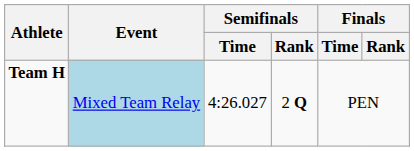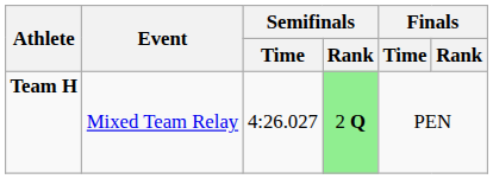 <table class="wikitable" style="font-size:90%;">
 <tr>
 <th rowspan=2>Athlete</th>
 <th rowspan=2>Event</th>
 <th colspan=2>Semifinals</th>
 <th colspan=2>Finals</th>
 </tr>
 <tr>
 <th>Time</th>
 <th>Rank</th>
 <th>Time</th>
 <th>Rank</th>
 </tr>
 <tr>
 <td><strong>Team H</strong><br><br><br><br></td>
-<td style="background: lightblue;"><a href='#'>Mixed Team Relay</a></td>
+<td><a href='#'>Mixed Team Relay</a></td>
 <td align=center>4:26.027</td>
-<td align=center>2 <strong>Q</strong></td>
+<td align=center style="background: lightgreen;">2 <strong>Q</strong></td>
 <td align=center colspan=2>PEN</td>
 </tr>
 </table>
